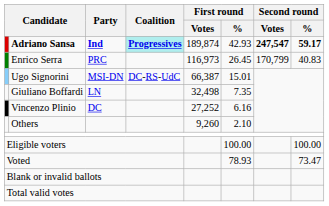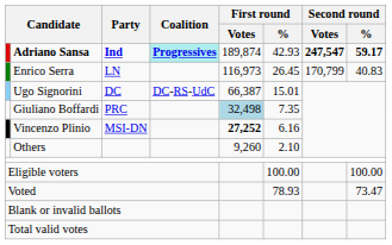 <table class="wikitable centre">
 <tr>
 <th scope="col" rowspan=2 colspan=2>Candidate</th>
 <th scope="col" rowspan=2 colspan=1>Party</th>
 <th scope="col" rowspan=2 colspan=1>Coalition</th>
 <th scope="col" colspan=2>First round</th>
 <th scope="col" colspan=2>Second round</th>
 </tr>
 <tr>
 <th scope="col">Votes</th>
 <th scope="col">%</th>
 <th scope="col">Votes</th>
 <th scope="col">%</th>
 </tr>
 <tr>
 <td bgcolor="#dd0000"></td>
 <td><strong>Adriano Sansa</strong></td>
 <td><strong><a href='#'>Ind</a></strong></td>
 <td style="background: paleturquoise;"><strong><a href='#'>Progressives</a></strong></td>
 <td style="text-align: right">189,874</td>
 <td style="text-align: right">42.93</td>
 <td style="text-align: right"><strong>247,547</strong></td>
 <td style="text-align: right"><strong>59.17</strong></td>
 </tr>
 <tr>
 <td bgcolor="#008000"></td>
 <td>Enrico Serra</td>
-<td><a href='#'>PRC</a></td>
+<td><a href='#'>LN</a></td>
 <td></td>
 <td style="text-align: right">116,973</td>
 <td style="text-align: right">26.45</td>
 <td style="text-align: right">170,799</td>
 <td style="text-align: right">40.83</td>
 </tr>
 <tr>
 <td bgcolor="#87CEFA"></td>
 <td>Ugo Signorini</td>
-<td><a href='#'>MSI-DN</a></td>
+<td><a href='#'>DC</a></td>
 <td><a href='#'>DC</a>-<a href='#'>RS</a>-<a href='#'>UdC</a></td>
 <td style="text-align: right">66,387</td>
 <td style="text-align: right">15.01</td>
 </tr>
 <tr>
 <td></td>
 <td>Giuliano Boffardi</td>
-<td><a href='#'>LN</a></td>
+<td><a href='#'>PRC</a></td>
 <td></td>
-<td style="text-align: right">32,498</td>
+<td style="background: lightblue; text-align: right">32,498</td>
 <td style="text-align: right">7.35</td>
 </tr>
 <tr>
 <td bgcolor="#000000"></td>
 <td>Vincenzo Plinio</td>
-<td><a href='#'>DC</a></td>
+<td><a href='#'>MSI-DN</a></td>
 <td></td>
-<td style="text-align: right">27,252</td>
+<td style="text-align: right"><strong>27,252</strong></td>
 <td style="text-align: right">6.16</td>
 </tr>
 <tr>
 <td bgcolor=""></td>
 <td>Others</td>
 <td></td>
 <td></td>
 <td style="text-align: right">9,260</td>
 <td style="text-align: right">2.10</td>
 </tr>
 <tr bgcolor=white>
 <td colspan=8></td>
 </tr>
 <tr>
 <td colspan=4>Eligible voters</td>
 <td style="text-align: right"></td>
 <td style="text-align: right">100.00</td>
 <td style="text-align: right"></td>
 <td style="text-align: right">100.00</td>
 </tr>
 <tr>
 <td colspan=4>Voted</td>
 <td style="text-align: right"></td>
 <td style="text-align: right">78.93</td>
 <td style="text-align: right"></td>
 <td style="text-align: right">73.47</td>
 </tr>
 <tr>
 <td colspan=4>Blank or invalid ballots</td>
 <td style="text-align: right"></td>
 <td style="text-align: right"></td>
 <td style="text-align: right"></td>
 <td style="text-align: right"></td>
 </tr>
 <tr>
 <td colspan=4>Total valid votes</td>
 <td style="text-align: right"></td>
 <td style="text-align: right"></td>
 <td style="text-align: right"></td>
 <td style="text-align: right"></td>
 </tr>
 </table>
